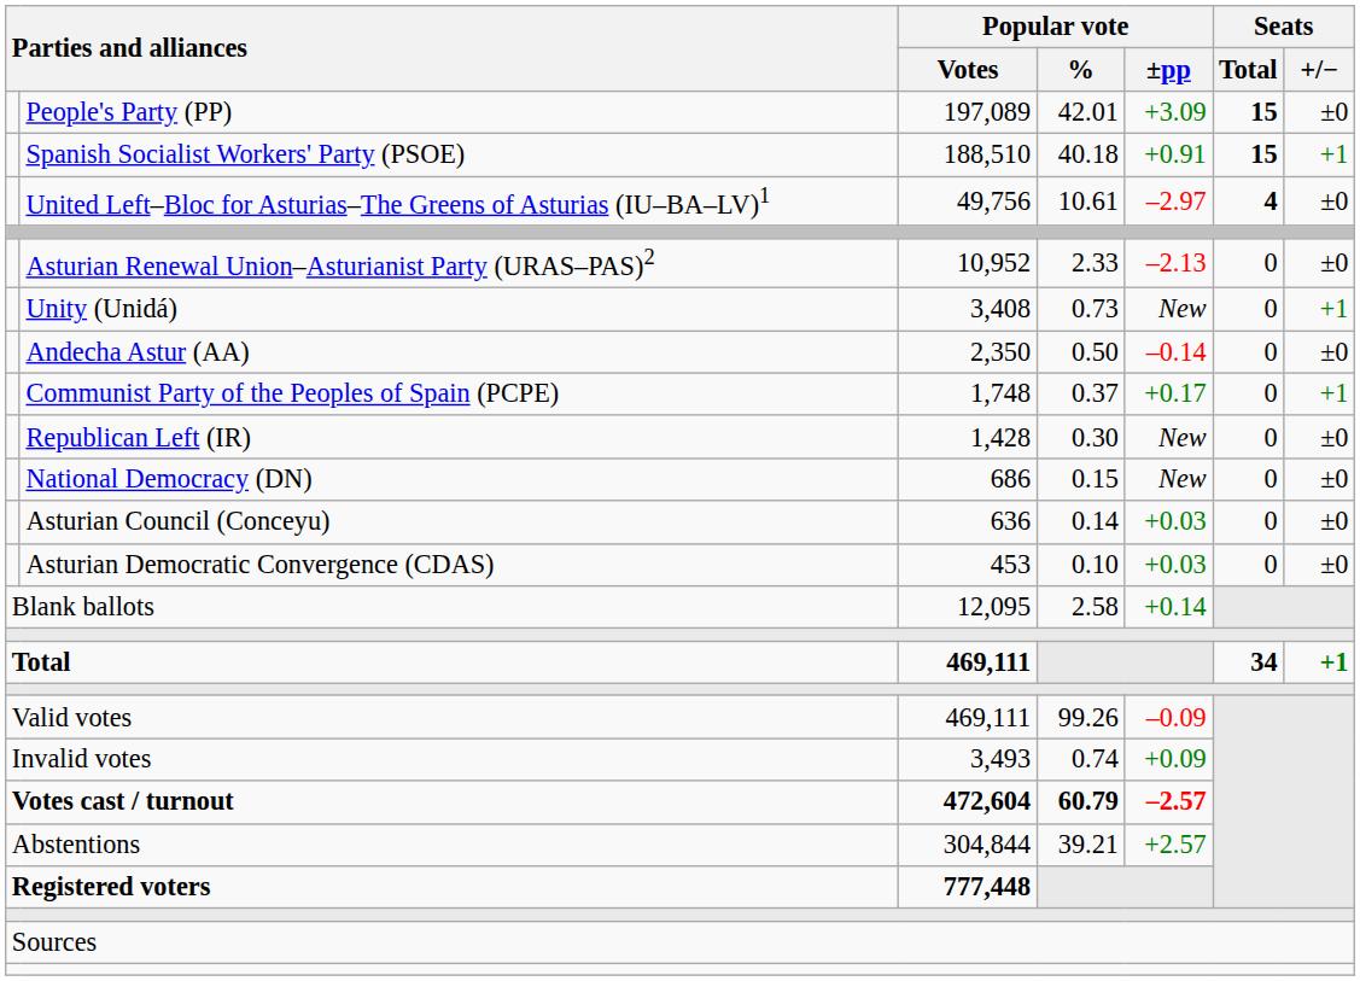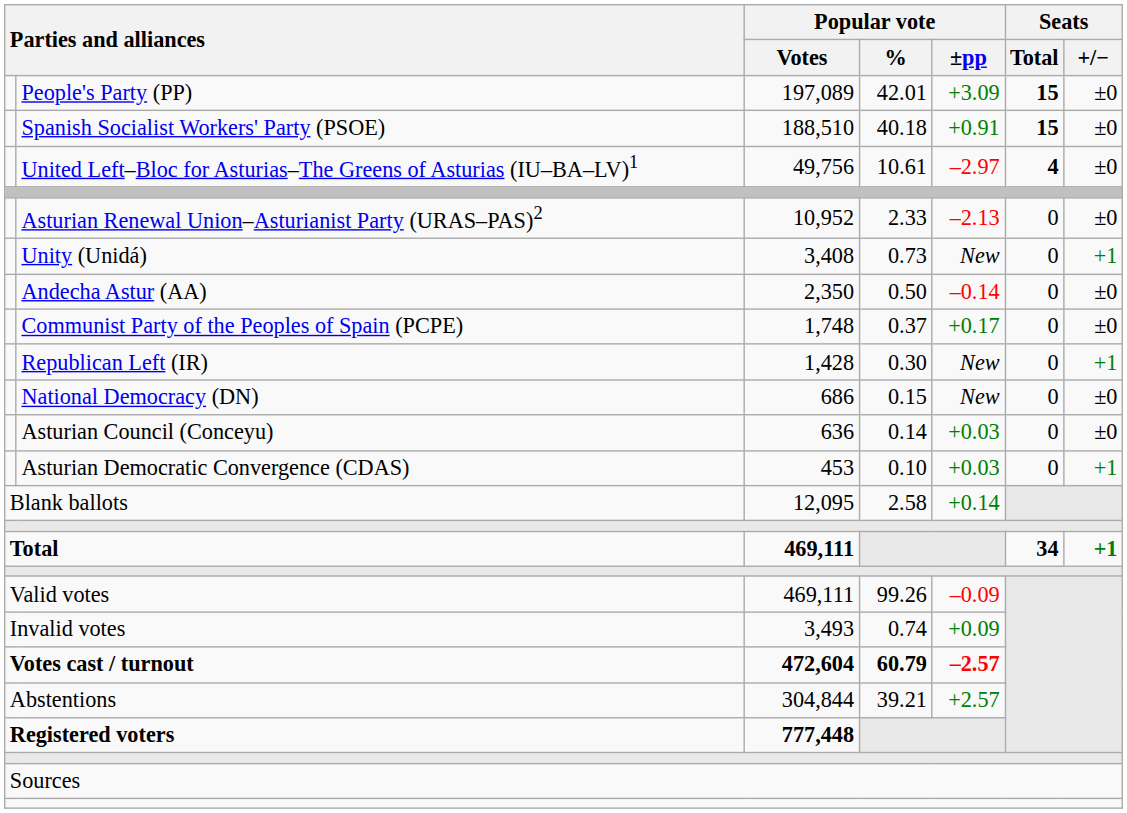 <table class="wikitable" style="text-align:right;">
 <tr>
 <th style="text-align:left;" rowspan="2" colspan="2" width="525">Parties and alliances</th>
 <th colspan="3">Popular vote</th>
 <th colspan="2">Seats</th>
 </tr>
 <tr>
 <th width="75">Votes</th>
 <th width="45">%</th>
 <th width="45">±<a href='#'>pp</a></th>
 <th width="35">Total</th>
 <th width="35">+/−</th>
 </tr>
 <tr>
 <td width="1" style="color:inherit;background:"></td>
 <td align="left"><a href='#'>People's Party</a> (PP)</td>
 <td>197,089</td>
 <td>42.01</td>
 <td style="color:green;">+3.09</td>
 <td><strong>15</strong></td>
 <td>±0</td>
 </tr>
 <tr>
 <td style="color:inherit;background:"></td>
 <td align="left"><a href='#'>Spanish Socialist Workers' Party</a> (PSOE)</td>
 <td>188,510</td>
 <td>40.18</td>
 <td style="color:green;">+0.91</td>
 <td><strong>15</strong></td>
-<td style="color:green;">+1</td>
+<td>±0</td>
 </tr>
 <tr>
 <td style="color:inherit;background:"></td>
 <td align="left"><a href='#'>United Left</a>–<a href='#'>Bloc for Asturias</a>–<a href='#'>The Greens of Asturias</a> (IU–BA–LV)<sup>1</sup></td>
 <td>49,756</td>
 <td>10.61</td>
 <td style="color:red;">–2.97</td>
 <td><strong>4</strong></td>
 <td>±0</td>
 </tr>
 <tr>
 <td colspan="7" bgcolor="#C0C0C0"></td>
 </tr>
 <tr>
 <td style="color:inherit;background:"></td>
 <td align="left"><a href='#'>Asturian Renewal Union</a>–<a href='#'>Asturianist Party</a> (URAS–PAS)<sup>2</sup></td>
 <td>10,952</td>
 <td>2.33</td>
 <td style="color:red;">–2.13</td>
 <td>0</td>
 <td>±0</td>
 </tr>
 <tr>
 <td style="color:inherit;background:"></td>
 <td align="left"><a href='#'>Unity</a> (Unidá)</td>
 <td>3,408</td>
 <td>0.73</td>
 <td><em>New</em></td>
 <td>0</td>
 <td style="color:green;">+1</td>
 </tr>
 <tr>
 <td style="color:inherit;background:"></td>
 <td align="left"><a href='#'>Andecha Astur</a> (AA)</td>
 <td>2,350</td>
 <td>0.50</td>
 <td style="color:red;">–0.14</td>
 <td>0</td>
 <td>±0</td>
 </tr>
 <tr>
 <td style="color:inherit;background:"></td>
 <td align="left"><a href='#'>Communist Party of the Peoples of Spain</a> (PCPE)</td>
 <td>1,748</td>
 <td>0.37</td>
 <td style="color:green;">+0.17</td>
 <td>0</td>
-<td style="color:green;">+1</td>
+<td>±0</td>
 </tr>
 <tr>
 <td style="color:inherit;background:"></td>
 <td align="left"><a href='#'>Republican Left</a> (IR)</td>
 <td>1,428</td>
 <td>0.30</td>
 <td><em>New</em></td>
 <td>0</td>
-<td>±0</td>
+<td style="color:green;">+1</td>
 </tr>
 <tr>
 <td style="color:inherit;background:"></td>
 <td align="left"><a href='#'>National Democracy</a> (DN)</td>
 <td>686</td>
 <td>0.15</td>
 <td><em>New</em></td>
 <td>0</td>
 <td>±0</td>
 </tr>
 <tr>
 <td style="color:inherit;background:"></td>
 <td align="left">Asturian Council (Conceyu)</td>
 <td>636</td>
 <td>0.14</td>
 <td style="color:green;">+0.03</td>
 <td>0</td>
 <td>±0</td>
 </tr>
 <tr>
 <td style="color:inherit;background:"></td>
 <td align="left">Asturian Democratic Convergence (CDAS)</td>
 <td>453</td>
 <td>0.10</td>
 <td style="color:green;">+0.03</td>
 <td>0</td>
-<td>±0</td>
+<td style="color:green;">+1</td>
 </tr>
 <tr>
 <td align="left" colspan="2">Blank ballots</td>
 <td>12,095</td>
 <td>2.58</td>
 <td style="color:green;">+0.14</td>
 <td bgcolor="#E9E9E9" colspan="2"></td>
 </tr>
 <tr>
 <td colspan="7" bgcolor="#E9E9E9"></td>
 </tr>
 <tr style="font-weight:bold;">
 <td align="left" colspan="2">Total</td>
 <td>469,111</td>
 <td bgcolor="#E9E9E9" colspan="2"></td>
 <td>34</td>
 <td style="color:green;">+1</td>
 </tr>
 <tr>
 <td colspan="7" bgcolor="#E9E9E9"></td>
 </tr>
 <tr>
 <td align="left" colspan="2">Valid votes</td>
 <td>469,111</td>
 <td>99.26</td>
 <td style="color:red;">–0.09</td>
 <td bgcolor="#E9E9E9" colspan="2" rowspan="5"></td>
 </tr>
 <tr>
 <td align="left" colspan="2">Invalid votes</td>
 <td>3,493</td>
 <td>0.74</td>
 <td style="color:green;">+0.09</td>
 </tr>
 <tr style="font-weight:bold;">
 <td align="left" colspan="2">Votes cast / turnout</td>
 <td>472,604</td>
 <td>60.79</td>
 <td style="color:red;">–2.57</td>
 </tr>
 <tr>
 <td align="left" colspan="2">Abstentions</td>
 <td>304,844</td>
 <td>39.21</td>
 <td style="color:green;">+2.57</td>
 </tr>
 <tr style="font-weight:bold;">
 <td align="left" colspan="2">Registered voters</td>
 <td>777,448</td>
 <td bgcolor="#E9E9E9" colspan="2"></td>
 </tr>
 <tr>
 <td colspan="7" bgcolor="#E9E9E9"></td>
 </tr>
 <tr>
 <td align="left" colspan="7">Sources</td>
 </tr>
 <tr>
 <td colspan="7" style="text-align:left; max-width:790px;"></td>
 </tr>
 </table>
